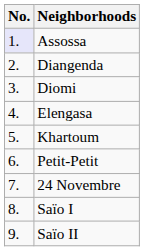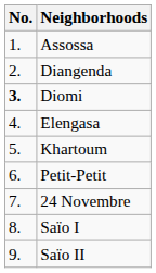 <table class="wikitable">
 <tr>
 <th>No.</th>
 <th>Neighborhoods</th>
 </tr>
 <tr>
-<td style="background: lavender;">1.</td>
+<td>1.</td>
 <td>Assossa</td>
 </tr>
 <tr>
 <td>2.</td>
 <td>Diangenda</td>
 </tr>
 <tr>
-<td>3.</td>
+<td><strong>3.</strong></td>
 <td>Diomi</td>
 </tr>
 <tr>
 <td>4.</td>
 <td>Elengasa</td>
 </tr>
 <tr>
 <td>5.</td>
 <td>Khartoum</td>
 </tr>
 <tr>
 <td>6.</td>
 <td>Petit-Petit</td>
 </tr>
 <tr>
 <td>7.</td>
 <td>24 Novembre</td>
 </tr>
 <tr>
 <td>8.</td>
 <td>Saïo I</td>
 </tr>
 <tr>
 <td>9.</td>
 <td>Saïo II</td>
 </tr>
 </table>
